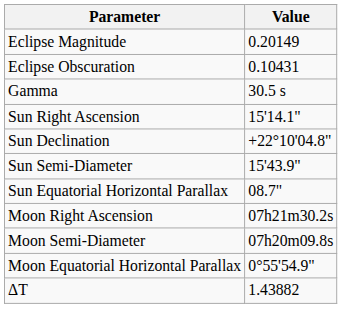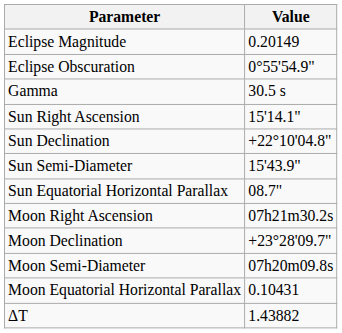 <table class="wikitable">
 <tr>
 <th>Parameter</th>
 <th>Value</th>
 </tr>
 <tr>
 <td>Eclipse Magnitude</td>
 <td>0.20149</td>
 </tr>
 <tr>
 <td>Eclipse Obscuration</td>
-<td>0.10431</td>
+<td>0°55'54.9"</td>
 </tr>
 <tr>
 <td>Gamma</td>
 <td>30.5 s</td>
 </tr>
 <tr>
 <td>Sun Right Ascension</td>
 <td>15'14.1"</td>
 </tr>
 <tr>
 <td>Sun Declination</td>
 <td>+22°10'04.8"</td>
 </tr>
 <tr>
 <td>Sun Semi-Diameter</td>
 <td>15'43.9"</td>
 </tr>
 <tr>
 <td>Sun Equatorial Horizontal Parallax</td>
 <td>08.7"</td>
 </tr>
 <tr>
 <td>Moon Right Ascension</td>
 <td>07h21m30.2s</td>
 </tr>
 <tr>
+<td>Moon Declination</td>
+<td>+23°28'09.7"</td>
+</tr>
+<tr>
 <td>Moon Semi-Diameter</td>
 <td>07h20m09.8s</td>
 </tr>
 <tr>
 <td>Moon Equatorial Horizontal Parallax</td>
-<td>0°55'54.9"</td>
+<td>0.10431</td>
 </tr>
 <tr>
 <td>ΔT</td>
 <td>1.43882</td>
 </tr>
 </table>
